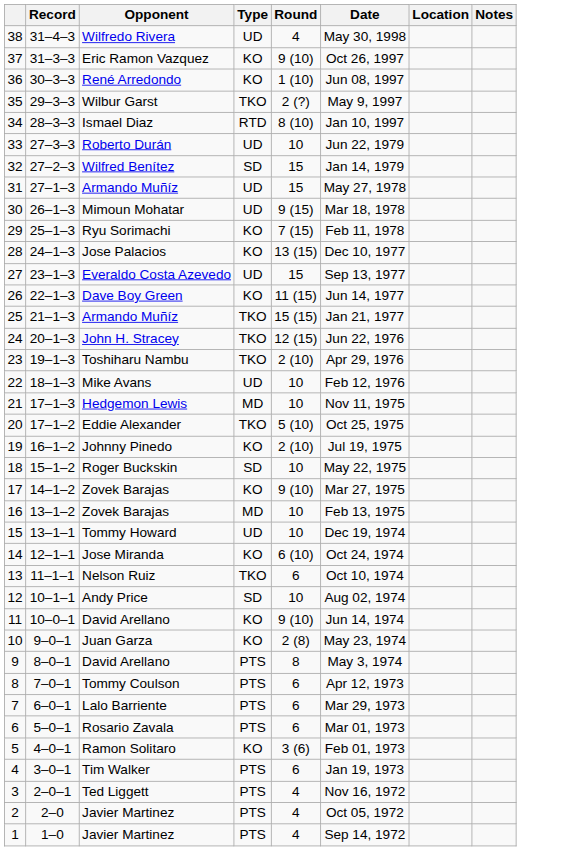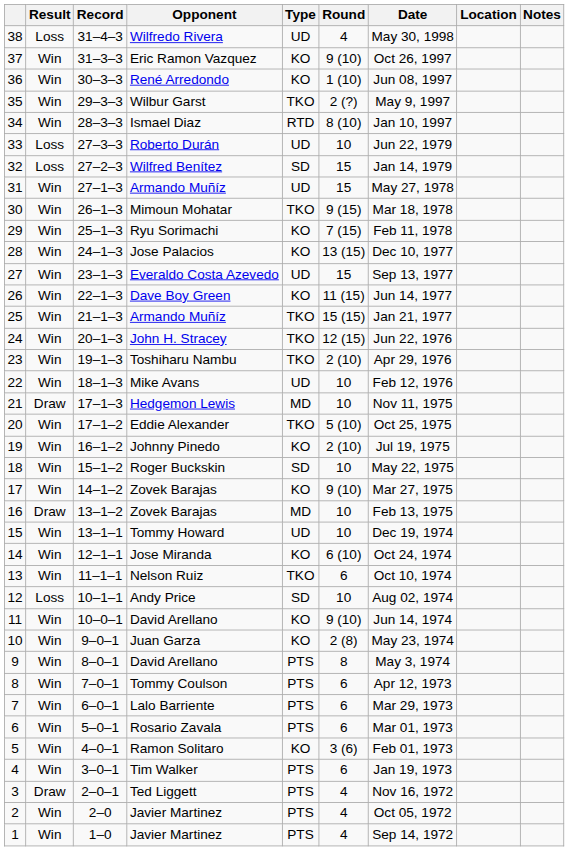 <table class="wikitable" style="text-align:center">
 <tr>
 <th></th>
+<th>Result</th>
 <th>Record</th>
 <th>Opponent</th>
 <th>Type</th>
 <th>Round</th>
 <th>Date</th>
 <th>Location</th>
 <th>Notes</th>
 </tr>
 <tr>
 <td>38</td>
+<td>Loss</td>
 <td>31–4–3</td>
 <td align=left><a href='#'>Wilfredo Rivera</a></td>
 <td>UD</td>
 <td>4</td>
 <td>May 30, 1998</td>
 <td align=left></td>
 <td align=left></td>
 </tr>
 <tr>
 <td>37</td>
+<td>Win</td>
 <td>31–3–3</td>
 <td align=left>Eric Ramon Vazquez</td>
 <td>KO</td>
 <td>9 (10)</td>
 <td>Oct 26, 1997</td>
 <td align=left></td>
 <td align=left></td>
 </tr>
 <tr>
 <td>36</td>
+<td>Win</td>
 <td>30–3–3</td>
 <td align=left><a href='#'>René Arredondo</a></td>
 <td>KO</td>
 <td>1 (10)</td>
 <td>Jun 08, 1997</td>
 <td align=left></td>
 <td align=left></td>
 </tr>
 <tr>
 <td>35</td>
+<td>Win</td>
 <td>29–3–3</td>
 <td align=left>Wilbur Garst</td>
 <td>TKO</td>
 <td>2 (?)</td>
 <td>May 9, 1997</td>
 <td align=left></td>
 <td align=left></td>
 </tr>
 <tr>
 <td>34</td>
+<td>Win</td>
 <td>28–3–3</td>
 <td align=left>Ismael Diaz</td>
 <td>RTD</td>
 <td>8 (10)</td>
 <td>Jan 10, 1997</td>
 <td align=left></td>
 <td align=left></td>
 </tr>
 <tr>
 <td>33</td>
+<td>Loss</td>
 <td>27–3–3</td>
 <td align=left><a href='#'>Roberto Durán</a></td>
 <td>UD</td>
 <td>10</td>
 <td>Jun 22, 1979</td>
 <td align=left></td>
 <td align=left></td>
 </tr>
 <tr>
 <td>32</td>
+<td>Loss</td>
 <td>27–2–3</td>
 <td align=left><a href='#'>Wilfred Benítez</a></td>
 <td>SD</td>
 <td>15</td>
 <td>Jan 14, 1979</td>
 <td align=left></td>
 <td align=left></td>
 </tr>
 <tr>
 <td>31</td>
+<td>Win</td>
 <td>27–1–3</td>
 <td align=left><a href='#'>Armando Muñíz</a></td>
 <td>UD</td>
 <td>15</td>
 <td>May 27, 1978</td>
 <td align=left></td>
 <td align=left></td>
 </tr>
 <tr>
 <td>30</td>
+<td>Win</td>
 <td>26–1–3</td>
 <td align=left>Mimoun Mohatar</td>
-<td>UD</td>
+<td>TKO</td>
 <td>9 (15)</td>
 <td>Mar 18, 1978</td>
 <td align=left></td>
 <td align=left></td>
 </tr>
 <tr>
 <td>29</td>
+<td>Win</td>
 <td>25–1–3</td>
 <td align=left>Ryu Sorimachi</td>
 <td>KO</td>
 <td>7 (15)</td>
 <td>Feb 11, 1978</td>
 <td align=left></td>
 <td align=left></td>
 </tr>
 <tr>
 <td>28</td>
+<td>Win</td>
 <td>24–1–3</td>
 <td align=left>Jose Palacios</td>
 <td>KO</td>
 <td>13 (15)</td>
 <td>Dec 10, 1977</td>
 <td align=left></td>
 <td align=left></td>
 </tr>
 <tr>
 <td>27</td>
+<td>Win</td>
 <td>23–1–3</td>
 <td align=left><a href='#'>Everaldo Costa Azevedo</a></td>
 <td>UD</td>
 <td>15</td>
 <td>Sep 13, 1977</td>
 <td align=left></td>
 <td align=left></td>
 </tr>
 <tr>
 <td>26</td>
+<td>Win</td>
 <td>22–1–3</td>
 <td align=left><a href='#'>Dave Boy Green</a></td>
 <td>KO</td>
 <td>11 (15)</td>
 <td>Jun 14, 1977</td>
 <td align=left></td>
 <td align=left></td>
 </tr>
 <tr>
 <td>25</td>
+<td>Win</td>
 <td>21–1–3</td>
 <td align=left><a href='#'>Armando Muñíz</a></td>
 <td>TKO</td>
 <td>15 (15)</td>
 <td>Jan 21, 1977</td>
 <td align=left></td>
 <td align=left></td>
 </tr>
 <tr>
 <td>24</td>
+<td>Win</td>
 <td>20–1–3</td>
 <td align=left><a href='#'>John H. Stracey</a></td>
 <td>TKO</td>
 <td>12 (15)</td>
 <td>Jun 22, 1976</td>
 <td align=left></td>
 <td align=left></td>
 </tr>
 <tr>
 <td>23</td>
+<td>Win</td>
 <td>19–1–3</td>
 <td align=left>Toshiharu Nambu</td>
 <td>TKO</td>
 <td>2 (10)</td>
 <td>Apr 29, 1976</td>
 <td align=left></td>
 <td align=left></td>
 </tr>
 <tr>
 <td>22</td>
+<td>Win</td>
 <td>18–1–3</td>
 <td align=left>Mike Avans</td>
 <td>UD</td>
 <td>10</td>
 <td>Feb 12, 1976</td>
 <td align=left></td>
 <td align=left></td>
 </tr>
 <tr>
 <td>21</td>
+<td>Draw</td>
 <td>17–1–3</td>
 <td align=left><a href='#'>Hedgemon Lewis</a></td>
 <td>MD</td>
 <td>10</td>
 <td>Nov 11, 1975</td>
 <td align=left></td>
 <td align=left></td>
 </tr>
 <tr>
 <td>20</td>
+<td>Win</td>
 <td>17–1–2</td>
 <td align=left>Eddie Alexander</td>
 <td>TKO</td>
 <td>5 (10)</td>
 <td>Oct 25, 1975</td>
 <td align=left></td>
 <td align=left></td>
 </tr>
 <tr>
 <td>19</td>
+<td>Win</td>
 <td>16–1–2</td>
 <td align=left>Johnny Pinedo</td>
 <td>KO</td>
 <td>2 (10)</td>
 <td>Jul 19, 1975</td>
 <td align=left></td>
 <td align=left></td>
 </tr>
 <tr>
 <td>18</td>
+<td>Win</td>
 <td>15–1–2</td>
 <td align=left>Roger Buckskin</td>
 <td>SD</td>
 <td>10</td>
 <td>May 22, 1975</td>
 <td align=left></td>
 <td align=left></td>
 </tr>
 <tr>
 <td>17</td>
+<td>Win</td>
 <td>14–1–2</td>
 <td align=left>Zovek Barajas</td>
 <td>KO</td>
 <td>9 (10)</td>
 <td>Mar 27, 1975</td>
 <td align=left></td>
 <td align=left></td>
 </tr>
 <tr>
 <td>16</td>
+<td>Draw</td>
 <td>13–1–2</td>
 <td align=left>Zovek Barajas</td>
 <td>MD</td>
 <td>10</td>
 <td>Feb 13, 1975</td>
 <td align=left></td>
 <td align=left></td>
 </tr>
 <tr>
 <td>15</td>
+<td>Win</td>
 <td>13–1–1</td>
 <td align=left>Tommy Howard</td>
 <td>UD</td>
 <td>10</td>
 <td>Dec 19, 1974</td>
 <td align=left></td>
 <td align=left></td>
 </tr>
 <tr>
 <td>14</td>
+<td>Win</td>
 <td>12–1–1</td>
 <td align=left>Jose Miranda</td>
 <td>KO</td>
 <td>6 (10)</td>
 <td>Oct 24, 1974</td>
 <td align=left></td>
 <td align=left></td>
 </tr>
 <tr>
 <td>13</td>
+<td>Win</td>
 <td>11–1–1</td>
 <td align=left>Nelson Ruiz</td>
 <td>TKO</td>
 <td>6</td>
 <td>Oct 10, 1974</td>
 <td align=left></td>
 <td align=left></td>
 </tr>
 <tr>
 <td>12</td>
+<td>Loss</td>
 <td>10–1–1</td>
 <td align=left>Andy Price</td>
 <td>SD</td>
 <td>10</td>
 <td>Aug 02, 1974</td>
 <td align=left></td>
 <td align=left></td>
 </tr>
 <tr>
 <td>11</td>
+<td>Win</td>
 <td>10–0–1</td>
 <td align=left>David Arellano</td>
 <td>KO</td>
 <td>9 (10)</td>
 <td>Jun 14, 1974</td>
 <td align=left></td>
 <td align=left></td>
 </tr>
 <tr>
 <td>10</td>
+<td>Win</td>
 <td>9–0–1</td>
 <td align=left>Juan Garza</td>
 <td>KO</td>
 <td>2 (8)</td>
 <td>May 23, 1974</td>
 <td align=left></td>
 <td align=left></td>
 </tr>
 <tr>
 <td>9</td>
+<td>Win</td>
 <td>8–0–1</td>
 <td align=left>David Arellano</td>
 <td>PTS</td>
 <td>8</td>
 <td>May 3, 1974</td>
 <td align=left></td>
 <td align=left></td>
 </tr>
 <tr>
 <td>8</td>
+<td>Win</td>
 <td>7–0–1</td>
 <td align=left>Tommy Coulson</td>
 <td>PTS</td>
 <td>6</td>
 <td>Apr 12, 1973</td>
 <td align=left></td>
 <td align=left></td>
 </tr>
 <tr>
 <td>7</td>
+<td>Win</td>
 <td>6–0–1</td>
 <td align=left>Lalo Barriente</td>
 <td>PTS</td>
 <td>6</td>
 <td>Mar 29, 1973</td>
 <td align=left></td>
 <td align=left></td>
 </tr>
 <tr>
 <td>6</td>
+<td>Win</td>
 <td>5–0–1</td>
 <td align=left>Rosario Zavala</td>
 <td>PTS</td>
 <td>6</td>
 <td>Mar 01, 1973</td>
 <td align=left></td>
 <td align=left></td>
 </tr>
 <tr>
 <td>5</td>
+<td>Win</td>
 <td>4–0–1</td>
 <td align=left>Ramon Solitaro</td>
 <td>KO</td>
 <td>3 (6)</td>
 <td>Feb 01, 1973</td>
 <td align=left></td>
 <td align=left></td>
 </tr>
 <tr>
 <td>4</td>
+<td>Win</td>
 <td>3–0–1</td>
 <td align=left>Tim Walker</td>
 <td>PTS</td>
 <td>6</td>
 <td>Jan 19, 1973</td>
 <td align=left></td>
 <td align=left></td>
 </tr>
 <tr>
 <td>3</td>
+<td>Draw</td>
 <td>2–0–1</td>
 <td align=left>Ted Liggett</td>
 <td>PTS</td>
 <td>4</td>
 <td>Nov 16, 1972</td>
 <td align=left></td>
 <td align=left></td>
 </tr>
 <tr>
 <td>2</td>
+<td>Win</td>
 <td>2–0</td>
 <td align=left>Javier Martinez</td>
 <td>PTS</td>
 <td>4</td>
 <td>Oct 05, 1972</td>
 <td align=left></td>
 <td align=left></td>
 </tr>
 <tr>
 <td>1</td>
+<td>Win</td>
 <td>1–0</td>
 <td align=left>Javier Martinez</td>
 <td>PTS</td>
 <td>4</td>
 <td>Sep 14, 1972</td>
 <td align=left></td>
 <td align=left></td>
 </tr>
 </table>
